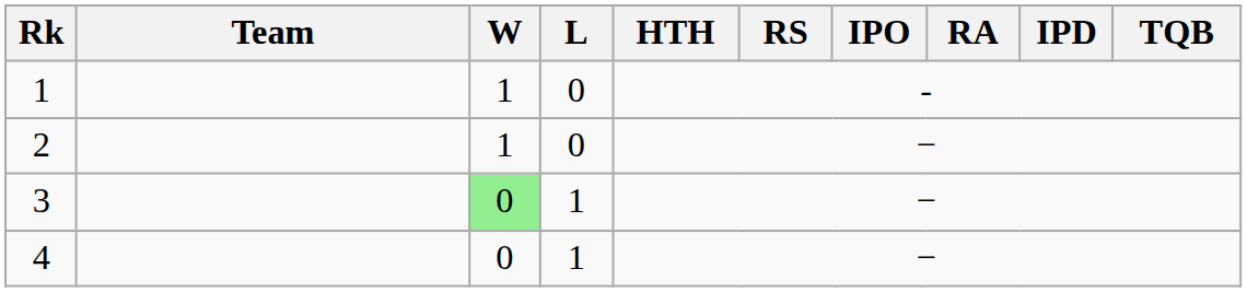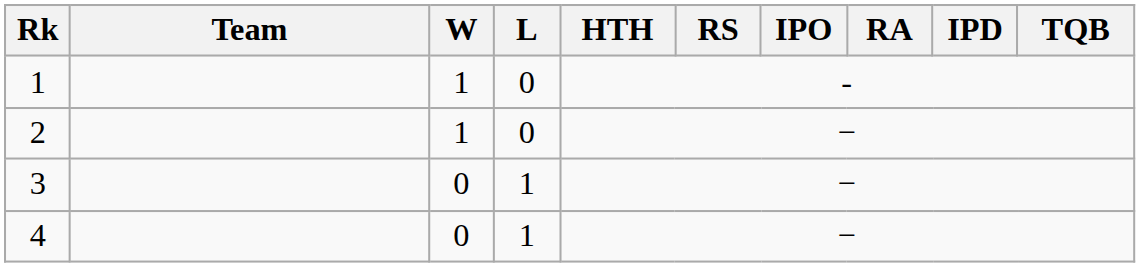 <table class="wikitable" style="text-align:center">
 <tr>
 <th width="25">Rk</th>
 <th width="170">Team</th>
 <th width="25">W</th>
 <th width="25">L</th>
 <th width="50">HTH</th>
 <th width="35">RS</th>
 <th width="35">IPO</th>
 <th width="35">RA</th>
 <th width="35">IPD</th>
 <th width="50">TQB</th>
 </tr>
 <tr>
 <td>1</td>
 <td style="text-align:left;"></td>
 <td>1</td>
 <td>0</td>
 <td colspan="6" style="text-align: center;">-</td>
 </tr>
 <tr>
 <td>2</td>
 <td style="text-align:left;"></td>
 <td>1</td>
 <td>0</td>
 <td colspan="6" style="text-align: center;">−</td>
 </tr>
 <tr>
 <td>3</td>
 <td style="text-align:left;"></td>
-<td style="background: lightgreen;">0</td>
+<td>0</td>
 <td>1</td>
 <td colspan="6" style="text-align: center;">−</td>
 </tr>
 <tr>
 <td>4</td>
 <td style="text-align:left;"></td>
 <td>0</td>
 <td>1</td>
 <td colspan="6" style="text-align: center;">−</td>
 </tr>
 </table>
